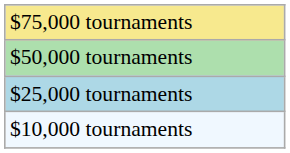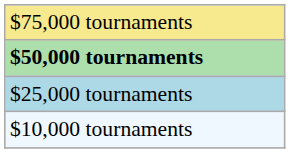 <table class="wikitable" style="font-size:85%;" width=14%>
 <tr bgcolor="#F7E98E">
 <td>$75,000 tournaments</td>
 </tr>
 <tr bgcolor="#ADDFAD">
-<td>$50,000 tournaments</td>
+<td><strong>$50,000 tournaments</strong></td>
 </tr>
 <tr bgcolor="lightblue">
 <td>$25,000 tournaments</td>
 </tr>
 <tr bgcolor="#f0f8ff">
 <td>$10,000 tournaments</td>
 </tr>
 </table>
